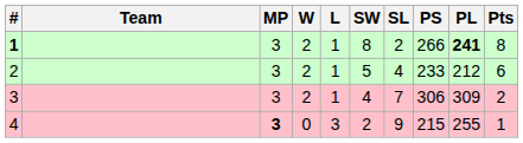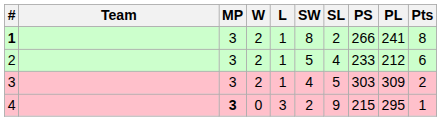 <table class=wikitable style="text-align:center">
 <tr>
 <th>#</th>
 <th width=220>Team</th>
 <th width=20>MP</th>
 <th width=20>W</th>
 <th width=20>L</th>
 <th width=20>SW</th>
 <th width=20>SL</th>
 <th width=20>PS</th>
 <th width=20>PL</th>
 <th width=20>Pts</th>
 </tr>
 <tr align="center" valign="top" style="background: #CCFFCC">
 <td><strong>1</strong></td>
 <td align=left></td>
 <td>3</td>
 <td>2</td>
 <td>1</td>
 <td>8</td>
 <td>2</td>
 <td>266</td>
-<td><strong>241</strong></td>
+<td>241</td>
 <td>8</td>
 </tr>
 <tr align="center" valign="top" style="background: #CCFFCC">
 <td>2</td>
 <td align=left></td>
 <td>3</td>
 <td>2</td>
 <td>1</td>
 <td>5</td>
 <td>4</td>
 <td>233</td>
 <td>212</td>
 <td>6</td>
 </tr>
 <tr align="center" valign="top" style="background: pink">
 <td>3</td>
 <td align=left></td>
 <td>3</td>
 <td>2</td>
 <td>1</td>
 <td>4</td>
-<td>7</td>
-<td>306</td>
+<td>5</td>
+<td>303</td>
 <td>309</td>
 <td>2</td>
 </tr>
 <tr align="center" valign="top" style="background: pink">
 <td>4</td>
 <td align=left></td>
 <td><strong>3</strong></td>
 <td>0</td>
 <td>3</td>
 <td>2</td>
 <td>9</td>
 <td>215</td>
-<td>255</td>
+<td>295</td>
 <td>1</td>
 </tr>
 </table>
